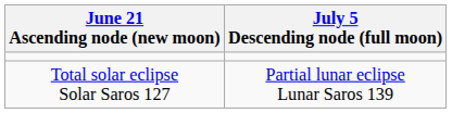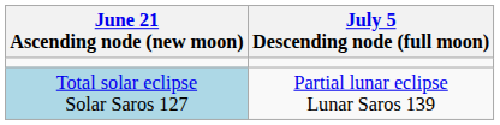 <table class="wikitable">
 <tr>
 <th><a href='#'>June 21</a><br>Ascending node (new moon)<br></th>
 <th><a href='#'>July 5</a><br>Descending node (full moon)<br></th>
 </tr>
 <tr>
 <td></td>
 <td></td>
 </tr>
 <tr align=center>
-<td><a href='#'>Total solar eclipse</a><br>Solar Saros 127</td>
+<td style="background: lightblue;"><a href='#'>Total solar eclipse</a><br>Solar Saros 127</td>
 <td><a href='#'>Partial lunar eclipse</a><br>Lunar Saros 139</td>
 </tr>
 </table>
